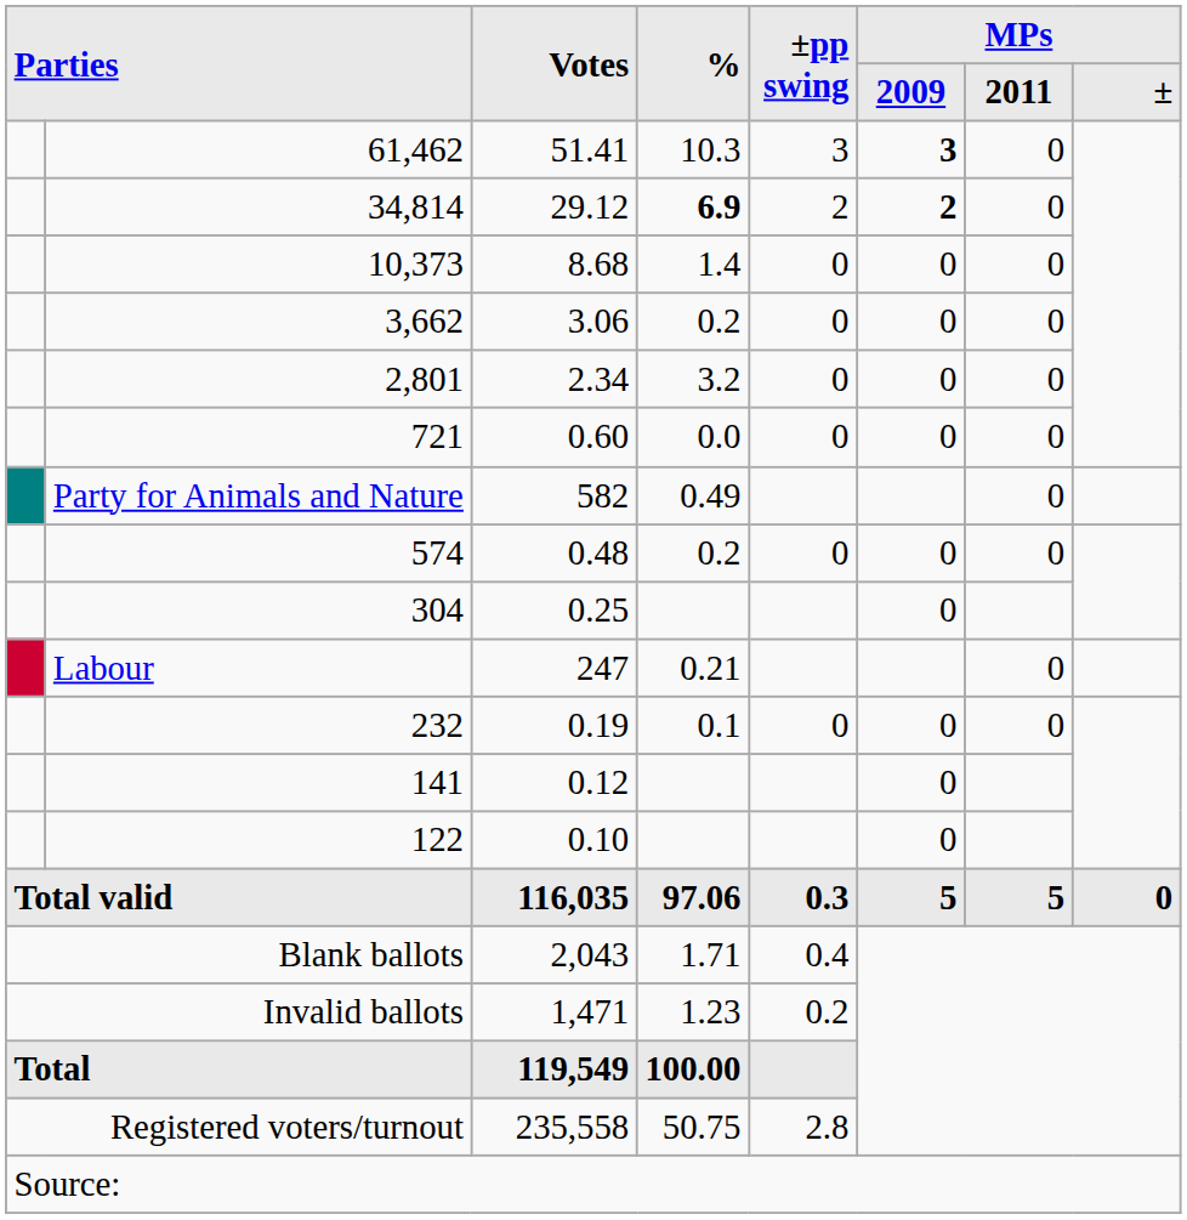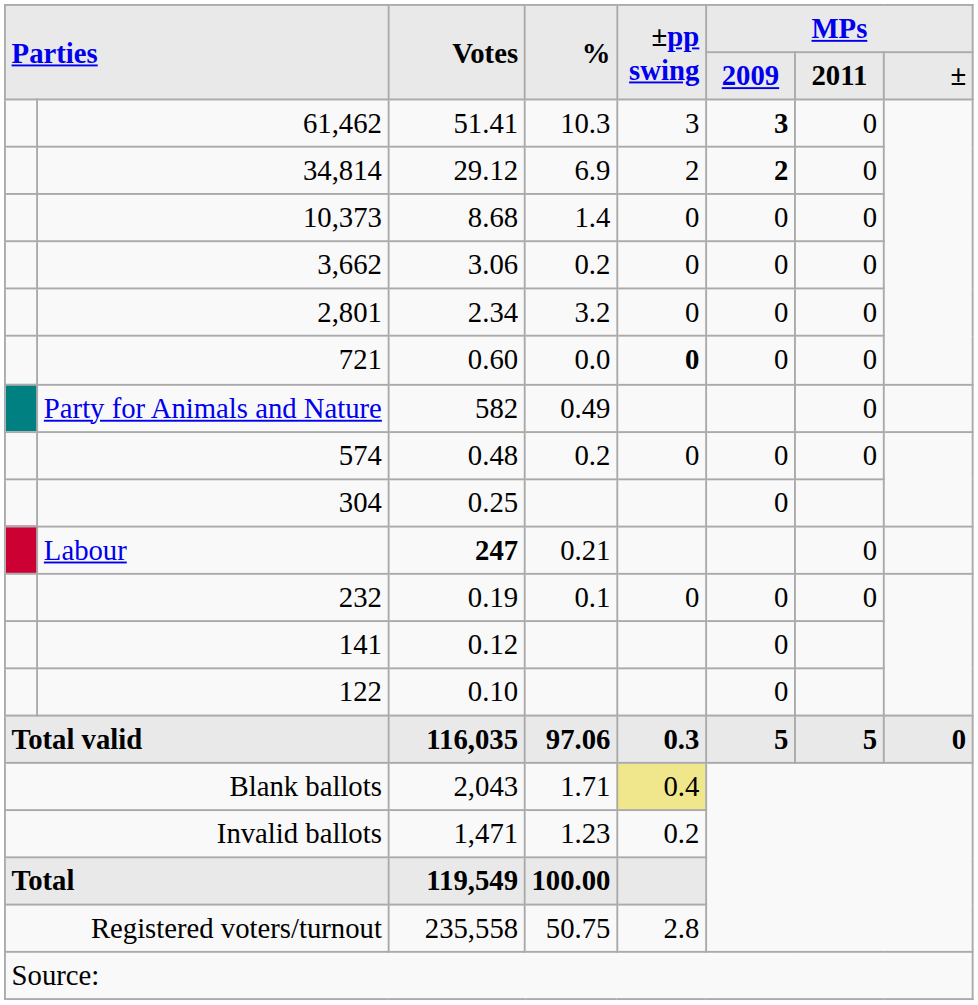 <table class="wikitable" style="text-align:right; font-size:95%;">
 <tr>
 <th rowspan="2" colspan="2" style="background:#e9e9e9; text-align:left;" alignleft><a href='#'>Parties</a></th>
 <th rowspan="2" style="background:#e9e9e9; text-align:right;">Votes</th>
 <th rowspan="2" style="background:#e9e9e9; text-align:right;">%</th>
 <th rowspan="2" style="background:#e9e9e9; text-align:right;">±<a href='#'>pp</a> <a href='#'>swing</a></th>
 <th colspan="3" style="background:#e9e9e9; text-align:center;"><a href='#'>MPs</a></th>
 </tr>
 <tr style="background-color:#E9E9E9">
 <th style="background-color:#E9E9E9;text-align:center;"><a href='#'>2009</a></th>
 <th style="background-color:#E9E9E9;text-align:center;">2011</th>
 <th style="background:#e9e9e9; text-align:right;">±</th>
 </tr>
 <tr>
 <td></td>
 <td>61,462</td>
 <td>51.41</td>
 <td>10.3</td>
 <td>3</td>
 <td><strong>3</strong></td>
 <td>0</td>
 </tr>
 <tr>
 <td></td>
 <td>34,814</td>
 <td>29.12</td>
-<td><strong>6.9</strong></td>
+<td>6.9</td>
 <td>2</td>
 <td><strong>2</strong></td>
 <td>0</td>
 </tr>
 <tr>
 <td></td>
 <td>10,373</td>
 <td>8.68</td>
 <td>1.4</td>
 <td>0</td>
 <td>0</td>
 <td>0</td>
 </tr>
 <tr>
 <td></td>
 <td>3,662</td>
 <td>3.06</td>
 <td>0.2</td>
 <td>0</td>
 <td>0</td>
 <td>0</td>
 </tr>
 <tr>
 <td></td>
 <td>2,801</td>
 <td>2.34</td>
 <td>3.2</td>
 <td>0</td>
 <td>0</td>
 <td>0</td>
 </tr>
 <tr>
 <td></td>
 <td>721</td>
 <td>0.60</td>
 <td>0.0</td>
-<td>0</td>
+<td><strong>0</strong></td>
 <td>0</td>
 <td>0</td>
 </tr>
 <tr>
 <td style="width: 10px" bgcolor="teal" align="center"></td>
 <td align="left"><a href='#'>Party for Animals and Nature</a></td>
 <td>582</td>
 <td>0.49</td>
 <td></td>
 <td></td>
 <td>0</td>
 <td></td>
 </tr>
 <tr>
 <td></td>
 <td>574</td>
 <td>0.48</td>
 <td>0.2</td>
 <td>0</td>
 <td>0</td>
 <td>0</td>
 </tr>
 <tr>
 <td></td>
 <td>304</td>
 <td>0.25</td>
 <td></td>
 <td></td>
 <td>0</td>
 <td></td>
 </tr>
 <tr>
 <td style="width: 10px" bgcolor=#CC0033 align="center"></td>
 <td align=left><a href='#'>Labour</a></td>
-<td>247</td>
+<td><strong>247</strong></td>
 <td>0.21</td>
 <td></td>
 <td></td>
 <td>0</td>
 <td></td>
 </tr>
 <tr>
 <td></td>
 <td>232</td>
 <td>0.19</td>
 <td>0.1</td>
 <td>0</td>
 <td>0</td>
 <td>0</td>
 </tr>
 <tr>
 <td></td>
 <td>141</td>
 <td>0.12</td>
 <td></td>
 <td></td>
 <td>0</td>
 <td></td>
 </tr>
 <tr>
 <td></td>
 <td>122</td>
 <td>0.10</td>
 <td></td>
 <td></td>
 <td>0</td>
 <td></td>
 </tr>
 <tr>
 <td colspan=2 align=left style="background-color:#E9E9E9"><strong>Total valid</strong></td>
 <td width="65" align="right" style="background-color:#E9E9E9"><strong>116,035</strong></td>
 <td width="40" align="right" style="background-color:#E9E9E9"><strong>97.06</strong></td>
 <td width="40" align="right" style="background-color:#E9E9E9"><strong>0.3</strong></td>
 <td width="40" align="right" style="background-color:#E9E9E9"><strong>5</strong></td>
 <td width="40" align="right" style="background-color:#E9E9E9"><strong>5</strong></td>
 <td width="40" align="right" style="background-color:#E9E9E9"><strong>0</strong></td>
 </tr>
 <tr>
 <td colspan=2>Blank ballots</td>
 <td>2,043</td>
 <td>1.71</td>
-<td>0.4</td>
+<td style="background: khaki;">0.4</td>
 <td colspan=4 rowspan=4></td>
 </tr>
 <tr>
 <td colspan=2>Invalid ballots</td>
 <td>1,471</td>
 <td>1.23</td>
 <td>0.2</td>
 </tr>
 <tr>
 <td colspan=2 align=left style="background-color:#E9E9E9"><strong>Total</strong></td>
 <td width="50" align="right" style="background-color:#E9E9E9"><strong>119,549</strong></td>
 <td width="40" align="right" style="background-color:#E9E9E9"><strong>100.00</strong></td>
 <td width="40" align="right" style="background-color:#E9E9E9"></td>
 </tr>
 <tr>
 <td colspan=2>Registered voters/turnout</td>
 <td>235,558</td>
 <td>50.75</td>
 <td>2.8</td>
 </tr>
 <tr>
 <td colspan=11 align=left>Source: </td>
 </tr>
 </table>
